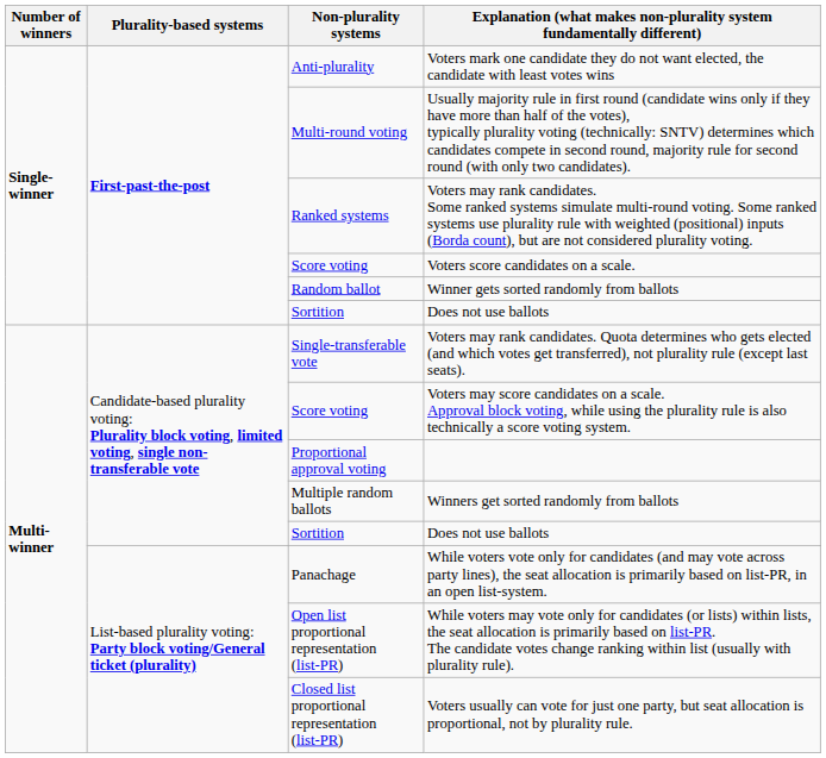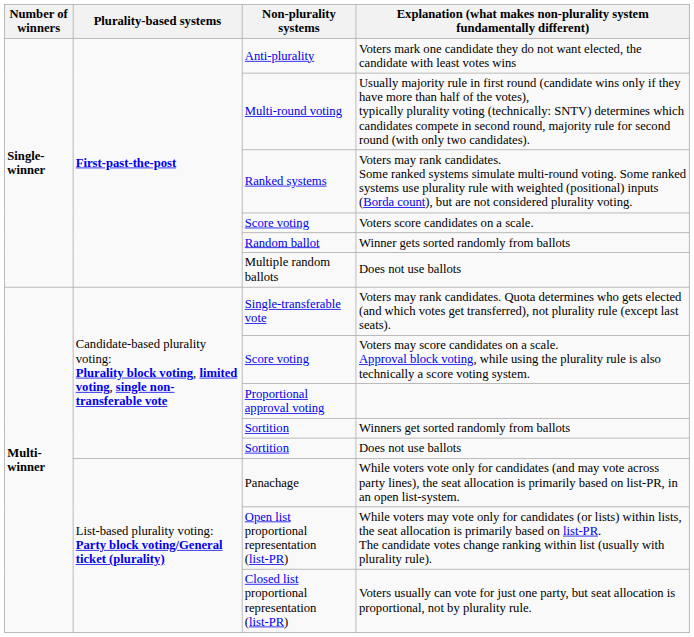 <table class="wikitable">
 <tr>
 <th>Number of winners</th>
 <th>Plurality-based systems</th>
 <th>Non-plurality systems</th>
 <th>Explanation (what makes non-plurality system fundamentally different)</th>
 </tr>
 <tr>
 <td rowspan="6"><strong>Single-winner</strong></td>
 <td rowspan="6"><a href='#'><strong>First-past-the-post</strong></a></td>
 <td><a href='#'>Anti-plurality</a></td>
 <td>Voters mark one candidate they do not want elected, the candidate with least votes wins</td>
 </tr>
 <tr>
 <td><a href='#'>Multi-round voting</a></td>
 <td>Usually majority rule in first round (candidate wins only if they have more than half of the votes),<br>typically plurality voting (technically: SNTV) determines which candidates compete in second round, majority rule for second round (with only two candidates).</td>
 </tr>
 <tr>
 <td><a href='#'>Ranked systems</a></td>
 <td>Voters may rank candidates.<br>Some ranked systems simulate multi-round voting. Some ranked systems use plurality rule with weighted (positional) inputs (<a href='#'>Borda count</a>), but are not considered plurality voting.</td>
 </tr>
 <tr>
 <td><a href='#'>Score voting</a></td>
 <td>Voters score candidates on a scale.</td>
 </tr>
 <tr>
 <td><a href='#'>Random ballot</a></td>
 <td>Winner gets sorted randomly from ballots</td>
 </tr>
 <tr>
-<td><a href='#'>Sortition</a></td>
+<td>Multiple random ballots</td>
 <td>Does not use ballots</td>
 </tr>
 <tr>
 <td rowspan="9"><strong>Multi-winner</strong></td>
 <td rowspan="6">Candidate-based plurality voting:<br><strong><a href='#'>Plurality block voting</a></strong>, <strong><a href='#'>limited voting</a></strong>, <strong><a href='#'>single non-transferable vote</a></strong></td>
 <td><a href='#'>Single-transferable vote</a></td>
 <td>Voters may rank candidates. Quota determines who gets elected (and which votes get transferred), not plurality rule (except last seats).</td>
 </tr>
 <tr>
 <td><a href='#'>Score voting</a></td>
 <td>Voters may score candidates on a scale.<br><a href='#'>Approval block voting</a>, while using the plurality rule is also technically a score voting system.</td>
 </tr>
 <tr>
 <td><a href='#'>Proportional approval voting</a></td>
 <td></td>
 </tr>
 <tr>
-<td>Multiple random ballots</td>
+<td><a href='#'>Sortition</a></td>
 <td>Winners get sorted randomly from ballots</td>
 </tr>
 <tr>
 <td><a href='#'>Sortition</a></td>
 <td>Does not use ballots</td>
 </tr>
 <tr>
 <td rowspan="2">Panachage</td>
 <td rowspan="2">While voters vote only for candidates (and may vote across party lines), the seat allocation is primarily based on list-PR, in an open list-system.</td>
 </tr>
 <tr>
 <td rowspan="3">List-based plurality voting:<br><a href='#'><strong>Party block voting/General ticket (plurality)</strong></a></td>
 </tr>
 <tr>
 <td><a href='#'>Open list</a> proportional representation<br>(<a href='#'>list-PR</a>)</td>
 <td>While voters may vote only for candidates (or lists) within lists, the seat allocation is primarily based on <a href='#'>list-PR</a>.<br>The candidate votes change ranking within list (usually with plurality rule).</td>
 </tr>
 <tr>
 <td><a href='#'>Closed list</a> proportional representation<br>(<a href='#'>list-PR</a>)</td>
 <td>Voters usually can vote for just one party, but seat allocation is proportional, not by plurality rule.</td>
 </tr>
 </table>
